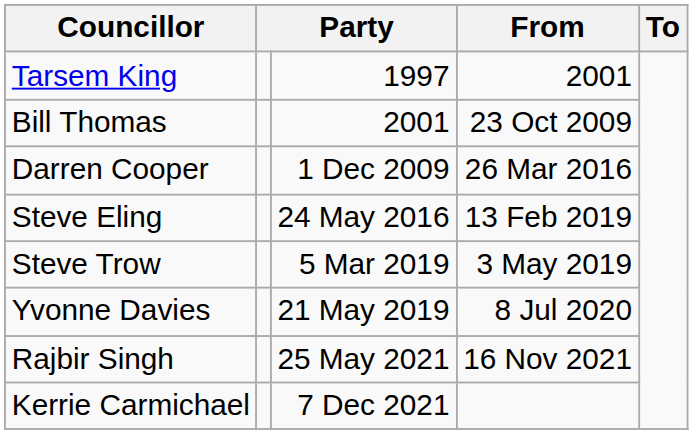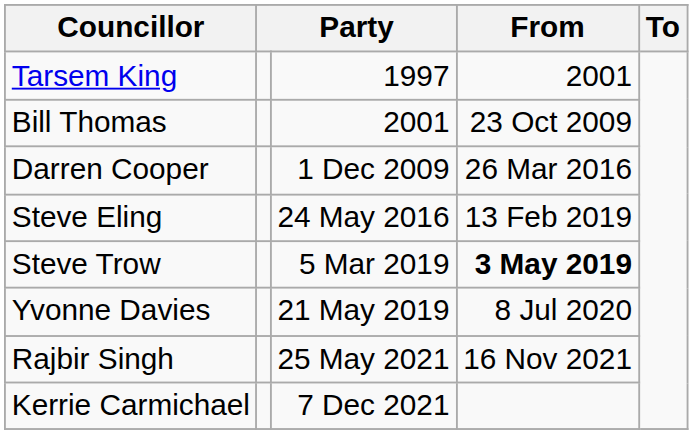 <table class=wikitable>
 <tr>
 <th>Councillor</th>
 <th colspan=2>Party</th>
 <th>From</th>
 <th>To</th>
 </tr>
 <tr>
 <td><a href='#'>Tarsem King</a></td>
 <td></td>
 <td align=right>1997</td>
 <td align=right>2001</td>
 </tr>
 <tr>
 <td>Bill Thomas</td>
 <td></td>
 <td align=right>2001</td>
 <td align=right>23 Oct 2009</td>
 </tr>
 <tr>
 <td>Darren Cooper</td>
 <td></td>
 <td align=right>1 Dec 2009</td>
 <td align=right>26 Mar 2016</td>
 </tr>
 <tr>
 <td>Steve Eling</td>
 <td></td>
 <td align=right>24 May 2016</td>
 <td align=right>13 Feb 2019</td>
 </tr>
 <tr>
 <td>Steve Trow</td>
 <td></td>
 <td align=right>5 Mar 2019</td>
-<td align=right>3 May 2019</td>
+<td align=right><strong>3 May 2019</strong></td>
 </tr>
 <tr>
 <td>Yvonne Davies</td>
 <td></td>
 <td align=right>21 May 2019</td>
 <td align=right>8 Jul 2020</td>
 </tr>
 <tr>
 <td>Rajbir Singh</td>
 <td></td>
 <td align=right>25 May 2021</td>
 <td align=right>16 Nov 2021</td>
 </tr>
 <tr>
 <td>Kerrie Carmichael</td>
 <td></td>
 <td align=right>7 Dec 2021</td>
 <td align=right></td>
 </tr>
 </table>
